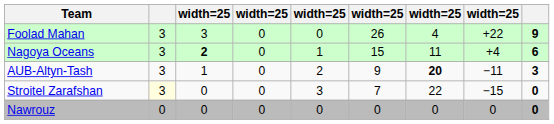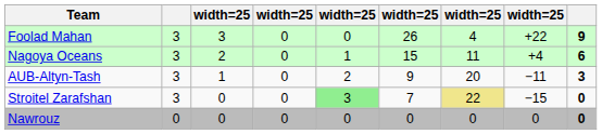 <table class="wikitable" style="text-align: center; font-size: 90%;">
 <tr>
 <th width="165">Team</th>
 <th width=25></th>
 <th>width=25</th>
 <th>width=25</th>
 <th>width=25</th>
 <th>width=25</th>
 <th>width=25</th>
 <th>width=25</th>
 <th width=25></th>
 </tr>
 <tr align=center bgcolor="ccffcc">
 <td style="text-align:left;"> <a href='#'>Foolad Mahan</a></td>
 <td>3</td>
 <td>3</td>
 <td>0</td>
 <td>0</td>
 <td>26</td>
 <td>4</td>
 <td>+22</td>
 <td><strong>9</strong></td>
 </tr>
 <tr align=center bgcolor="ccffcc">
 <td style="text-align:left;"> <a href='#'>Nagoya Oceans</a></td>
 <td>3</td>
-<td><strong>2</strong></td>
+<td>2</td>
 <td>0</td>
 <td>1</td>
 <td>15</td>
 <td>11</td>
 <td>+4</td>
 <td><strong>6</strong></td>
 </tr>
 <tr align=center>
 <td style="text-align:left;"> <a href='#'>AUB-Altyn-Tash</a></td>
 <td>3</td>
 <td>1</td>
 <td>0</td>
 <td>2</td>
 <td>9</td>
-<td><strong>20</strong></td>
+<td>20</td>
 <td>−11</td>
 <td><strong>3</strong></td>
 </tr>
 <tr align=center>
 <td style="text-align:left;"> <a href='#'>Stroitel Zarafshan</a></td>
-<td style="background: lightyellow;">3</td>
+<td>3</td>
 <td>0</td>
 <td>0</td>
-<td>3</td>
+<td style="background: lightgreen;">3</td>
 <td>7</td>
-<td>22</td>
+<td style="background: khaki;">22</td>
 <td>−15</td>
 <td><strong>0</strong></td>
 </tr>
 <tr align=center bgcolor=#BBBBBB>
 <td style="text-align:left;"> <a href='#'>Nawrouz</a></td>
 <td>0</td>
 <td>0</td>
 <td>0</td>
 <td>0</td>
 <td>0</td>
 <td>0</td>
 <td>0</td>
 <td><strong>0</strong></td>
 </tr>
 </table>
